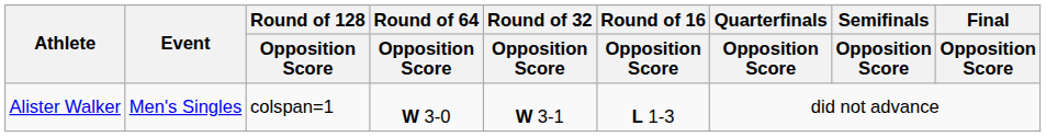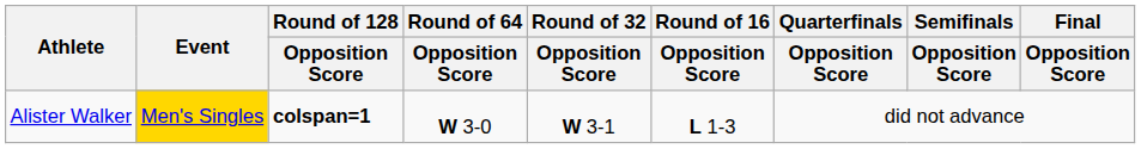 <table class=wikitable style="font-size:90%">
 <tr>
 <th rowspan="2">Athlete</th>
 <th rowspan="2">Event</th>
 <th>Round of 128</th>
 <th>Round of 64</th>
 <th>Round of 32</th>
 <th>Round of 16</th>
 <th>Quarterfinals</th>
 <th>Semifinals</th>
 <th>Final</th>
 </tr>
 <tr>
 <th>Opposition<br>Score</th>
 <th>Opposition<br>Score</th>
 <th>Opposition<br>Score</th>
 <th>Opposition<br>Score</th>
 <th>Opposition<br>Score</th>
 <th>Opposition<br>Score</th>
 <th>Opposition<br>Score</th>
 </tr>
 <tr>
 <td><a href='#'>Alister Walker</a></td>
-<td><a href='#'>Men's Singles</a></td>
-<td>colspan=1 </td>
+<td style="background: gold;"><a href='#'>Men's Singles</a></td>
+<td><strong>colspan=1 </strong></td>
 <td align=center><br><strong>W</strong> 3-0</td>
 <td align=center><br><strong>W</strong> 3-1</td>
 <td align=center><br><strong>L</strong> 1-3</td>
 <td align=center colspan=3>did not advance</td>
 </tr>
 </table>
